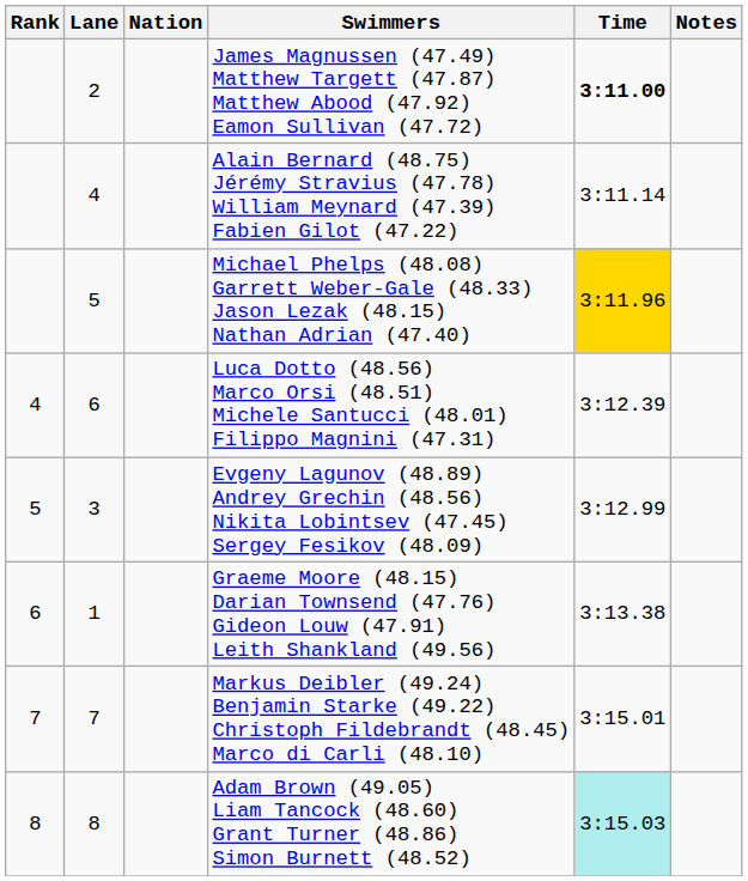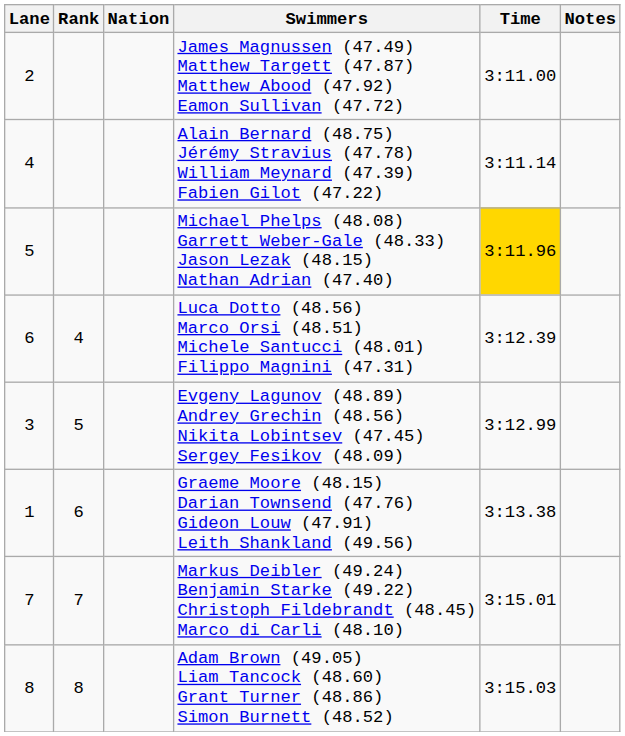 <table class="wikitable sortable" style="text-align:center">
 <tr>
+<th>Lane</th>
 <th>Rank</th>
-<th>Lane</th>
 <th>Nation</th>
 <th>Swimmers</th>
 <th>Time</th>
 <th>Notes</th>
 </tr>
 <tr>
+<td>2</td>
 <td></td>
-<td>2</td>
 <td align=left></td>
 <td align=left><a href='#'>James Magnussen</a> (47.49)<br><a href='#'>Matthew Targett</a> (47.87)<br><a href='#'>Matthew Abood</a> (47.92)<br><a href='#'>Eamon Sullivan</a> (47.72)</td>
-<td><strong>3:11.00</strong></td>
+<td>3:11.00</td>
 <td></td>
 </tr>
 <tr>
+<td>4</td>
 <td></td>
-<td>4</td>
 <td align=left></td>
 <td align=left><a href='#'>Alain Bernard</a> (48.75)<br><a href='#'>Jérémy Stravius</a> (47.78)<br><a href='#'>William Meynard</a> (47.39)<br><a href='#'>Fabien Gilot</a> (47.22)</td>
 <td>3:11.14</td>
 <td></td>
 </tr>
 <tr>
+<td>5</td>
 <td></td>
-<td>5</td>
 <td align=left></td>
 <td align=left><a href='#'>Michael Phelps</a> (48.08)<br><a href='#'>Garrett Weber-Gale</a> (48.33)<br><a href='#'>Jason Lezak</a> (48.15)<br><a href='#'>Nathan Adrian</a> (47.40)</td>
 <td style="background: gold;">3:11.96</td>
 <td></td>
 </tr>
 <tr>
+<td>6</td>
 <td>4</td>
-<td>6</td>
 <td align=left></td>
 <td align=left><a href='#'>Luca Dotto</a> (48.56)<br><a href='#'>Marco Orsi</a> (48.51)<br><a href='#'>Michele Santucci</a> (48.01)<br><a href='#'>Filippo Magnini</a> (47.31)</td>
 <td>3:12.39</td>
 <td></td>
 </tr>
 <tr>
+<td>3</td>
 <td>5</td>
-<td>3</td>
 <td align=left></td>
 <td align=left><a href='#'>Evgeny Lagunov</a> (48.89)<br><a href='#'>Andrey Grechin</a> (48.56)<br><a href='#'>Nikita Lobintsev</a> (47.45)<br><a href='#'>Sergey Fesikov</a> (48.09)</td>
 <td>3:12.99</td>
 <td></td>
 </tr>
 <tr>
+<td>1</td>
 <td>6</td>
-<td>1</td>
 <td align=left></td>
 <td align=left><a href='#'>Graeme Moore</a> (48.15)<br><a href='#'>Darian Townsend</a> (47.76)<br><a href='#'>Gideon Louw</a> (47.91)<br><a href='#'>Leith Shankland</a> (49.56)</td>
 <td>3:13.38</td>
 <td></td>
 </tr>
 <tr>
 <td>7</td>
 <td>7</td>
 <td align=left></td>
 <td align=left><a href='#'>Markus Deibler</a> (49.24)<br><a href='#'>Benjamin Starke</a> (49.22)<br><a href='#'>Christoph Fildebrandt</a> (48.45)<br><a href='#'>Marco di Carli</a> (48.10)</td>
 <td>3:15.01</td>
 <td></td>
 </tr>
 <tr>
 <td>8</td>
 <td>8</td>
 <td align=left></td>
 <td align=left><a href='#'>Adam Brown</a> (49.05)<br><a href='#'>Liam Tancock</a> (48.60)<br><a href='#'>Grant Turner</a> (48.86)<br><a href='#'>Simon Burnett</a> (48.52)</td>
-<td style="background: paleturquoise;">3:15.03</td>
+<td>3:15.03</td>
 <td></td>
 </tr>
 </table>
